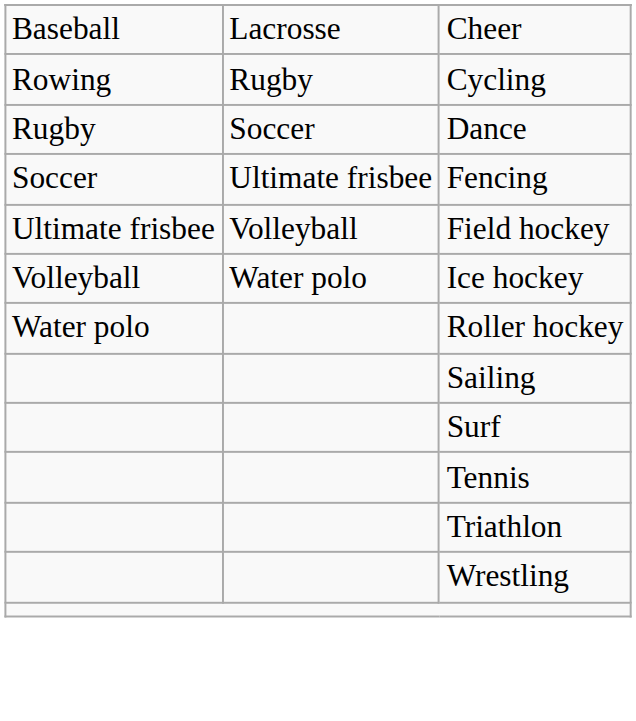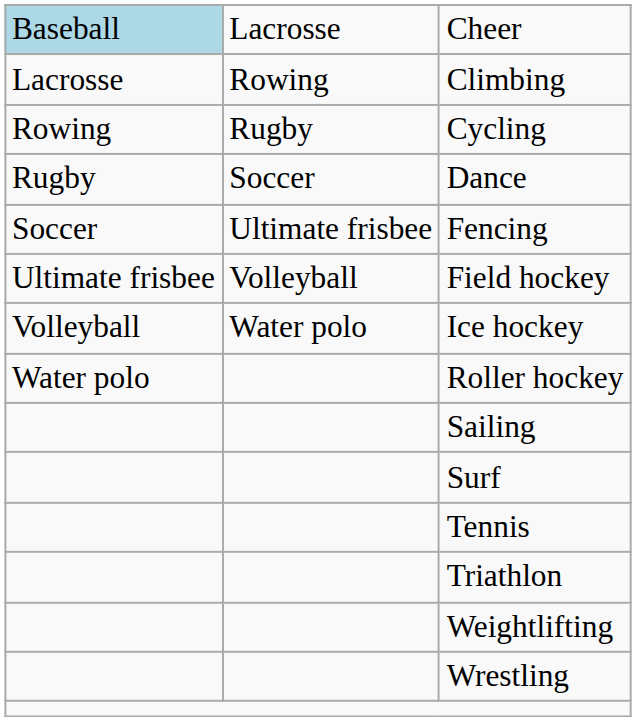 <table class="wikitable" style="float:right; clear:right; margin:0 0 1em 1em;">
 <tr>
 </tr>
 <tr>
-<td>Baseball</td>
+<td style="background: lightblue;">Baseball</td>
 <td>Lacrosse</td>
 <td>Cheer</td>
+</tr>
+<tr>
+<td>Lacrosse</td>
+<td>Rowing</td>
+<td>Climbing</td>
 </tr>
 <tr>
 <td>Rowing</td>
 <td>Rugby</td>
 <td>Cycling</td>
 </tr>
 <tr>
 <td>Rugby</td>
 <td>Soccer</td>
 <td>Dance</td>
 </tr>
 <tr>
 <td>Soccer</td>
 <td>Ultimate frisbee</td>
 <td>Fencing</td>
 </tr>
 <tr>
 <td>Ultimate frisbee</td>
 <td>Volleyball</td>
 <td>Field hockey</td>
 </tr>
 <tr>
 <td>Volleyball</td>
 <td>Water polo</td>
 <td>Ice hockey</td>
 </tr>
 <tr>
 <td>Water polo</td>
 <td></td>
 <td>Roller hockey</td>
 </tr>
 <tr>
 <td></td>
 <td></td>
 <td>Sailing</td>
 </tr>
 <tr>
 <td></td>
 <td></td>
 <td>Surf</td>
 </tr>
 <tr>
 <td></td>
 <td></td>
 <td>Tennis</td>
 </tr>
 <tr>
 <td></td>
 <td></td>
 <td>Triathlon</td>
 </tr>
 <tr>
 <td></td>
 <td></td>
+<td>Weightlifting</td>
+</tr>
+<tr>
+<td></td>
+<td></td>
 <td>Wrestling</td>
 </tr>
 <tr>
 <td colspan="3"></td>
 </tr>
 </table>
